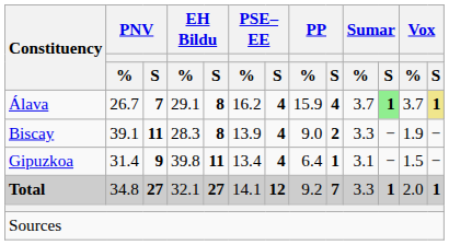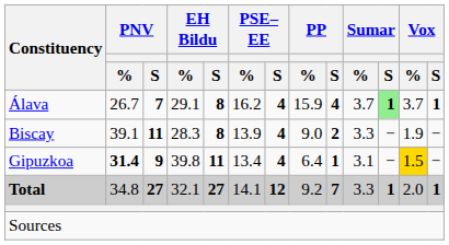 <table class="wikitable sortable" style="text-align:right; line-height:20px;">
 <tr>
 <th rowspan="3">Constituency</th>
 <th colspan="2" width="30px" class="unsortable"><a href='#'>PNV</a></th>
 <th colspan="2" width="30px" class="unsortable"><a href='#'>EH Bildu</a></th>
 <th colspan="2" width="30px" class="unsortable"><a href='#'>PSE–EE</a></th>
 <th colspan="2" width="30px" class="unsortable"><a href='#'>PP</a></th>
 <th colspan="2" width="30px" class="unsortable"><a href='#'>Sumar</a></th>
 <th colspan="2" width="30px" class="unsortable"><a href='#'>Vox</a></th>
 </tr>
 <tr>
 <th colspan="2" style="background:"></th>
 <th colspan="2" style="background:"></th>
 <th colspan="2" style="background:"></th>
 <th colspan="2" style="background:"></th>
 <th colspan="2" style="background:"></th>
 <th colspan="2" style="background:"></th>
 </tr>
 <tr>
 <th data-sort-type="number">%</th>
 <th data-sort-type="number">S</th>
 <th data-sort-type="number">%</th>
 <th data-sort-type="number">S</th>
 <th data-sort-type="number">%</th>
 <th data-sort-type="number">S</th>
 <th data-sort-type="number">%</th>
 <th data-sort-type="number">S</th>
 <th data-sort-type="number">%</th>
 <th data-sort-type="number">S</th>
 <th data-sort-type="number">%</th>
 <th data-sort-type="number">S</th>
 </tr>
 <tr>
 <td align="left"><a href='#'>Álava</a></td>
 <td>26.7</td>
 <td><strong>7</strong></td>
 <td style="background:">29.1</td>
 <td><strong>8</strong></td>
 <td>16.2</td>
 <td><strong>4</strong></td>
 <td>15.9</td>
 <td><strong>4</strong></td>
 <td>3.7</td>
 <td style="background: lightgreen;"><strong>1</strong></td>
 <td>3.7</td>
-<td style="background: khaki;"><strong>1</strong></td>
+<td><strong>1</strong></td>
 </tr>
 <tr>
 <td align="left"><a href='#'>Biscay</a></td>
 <td style="background:">39.1</td>
 <td><strong>11</strong></td>
 <td>28.3</td>
 <td><strong>8</strong></td>
 <td>13.9</td>
 <td><strong>4</strong></td>
 <td>9.0</td>
 <td><strong>2</strong></td>
 <td>3.3</td>
 <td>−</td>
 <td>1.9</td>
 <td>−</td>
 </tr>
 <tr>
 <td align="left"><a href='#'>Gipuzkoa</a></td>
-<td>31.4</td>
+<td><strong>31.4</strong></td>
 <td><strong>9</strong></td>
 <td style="background:">39.8</td>
 <td><strong>11</strong></td>
 <td>13.4</td>
 <td><strong>4</strong></td>
 <td>6.4</td>
 <td><strong>1</strong></td>
 <td>3.1</td>
 <td>−</td>
-<td>1.5</td>
+<td style="background: gold;">1.5</td>
 <td>−</td>
 </tr>
 <tr style="background:#CDCDCD;">
 <td align="left"><strong>Total</strong></td>
 <td style="background:">34.8</td>
 <td><strong>27</strong></td>
 <td>32.1</td>
 <td><strong>27</strong></td>
 <td>14.1</td>
 <td><strong>12</strong></td>
 <td>9.2</td>
 <td><strong>7</strong></td>
 <td>3.3</td>
 <td><strong>1</strong></td>
 <td>2.0</td>
 <td><strong>1</strong></td>
 </tr>
 <tr>
 <th colspan="15"></th>
 </tr>
 <tr>
 <th style="text-align:left; font-weight:normal; background:#F9F9F9" colspan="15">Sources</th>
 </tr>
 </table>
